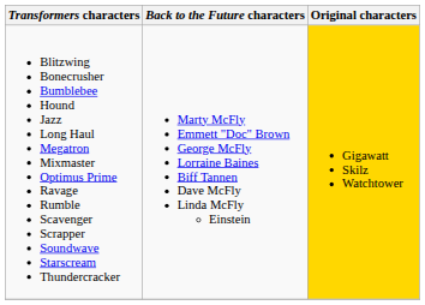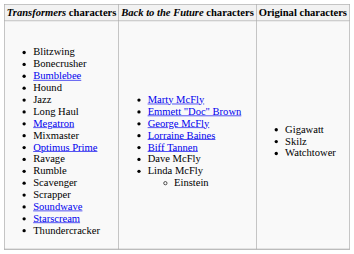 <table class="wikitable" style="text-align:center;">
 <tr>
 <th><em>Transformers</em> characters</th>
 <th><em>Back to the Future</em> characters</th>
 <th>Original characters</th>
 </tr>
 <tr>
 <td style="text-align: left;"><br><ul><li>Blitzwing</li><li>Bonecrusher</li><li><a href='#'>Bumblebee</a></li><li>Hound</li><li>Jazz</li><li>Long Haul</li><li><a href='#'>Megatron</a></li><li>Mixmaster</li><li><a href='#'>Optimus Prime</a></li><li>Ravage</li><li>Rumble</li><li>Scavenger</li><li>Scrapper</li><li><a href='#'>Soundwave</a></li><li><a href='#'>Starscream</a></li><li>Thundercracker</li></ul></td>
 <td style="text-align: left;"><br><ul><li><a href='#'>Marty McFly</a></li><li><a href='#'>Emmett "Doc" Brown</a></li><li><a href='#'>George McFly</a></li><li><a href='#'>Lorraine Baines</a></li><li><a href='#'>Biff Tannen</a></li><li>Dave McFly</li><li>Linda McFly<ul><li>Einstein</li></ul></li></ul></td>
-<td style="background: gold; text-align: left;"><br><ul><li>Gigawatt</li><li>Skilz</li><li>Watchtower</li></ul></td>
+<td style="text-align: left;"><br><ul><li>Gigawatt</li><li>Skilz</li><li>Watchtower</li></ul></td>
 </tr>
 <tr>
 </tr>
 </table>
